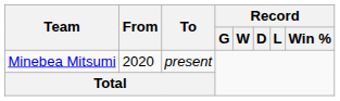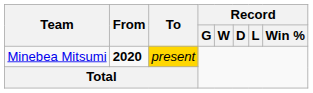 <table class="wikitable" style="text-align: center">
 <tr>
 <th rowspan="2">Team</th>
 <th rowspan="2">From</th>
 <th rowspan="2">To</th>
 <th colspan="5">Record</th>
 </tr>
 <tr>
 <th>G</th>
 <th>W</th>
 <th>D</th>
 <th>L</th>
 <th>Win %</th>
 </tr>
 <tr>
 <td align="left"><a href='#'>Minebea Mitsumi</a></td>
-<td align="left">2020</td>
-<td align="left"><em>present</em><br></td>
+<td align="left"><strong>2020</strong></td>
+<td align="left" style="background: gold;"><em>present</em><br></td>
 </tr>
 <tr>
 <th colspan="3">Total<br></th>
 </tr>
 </table>
